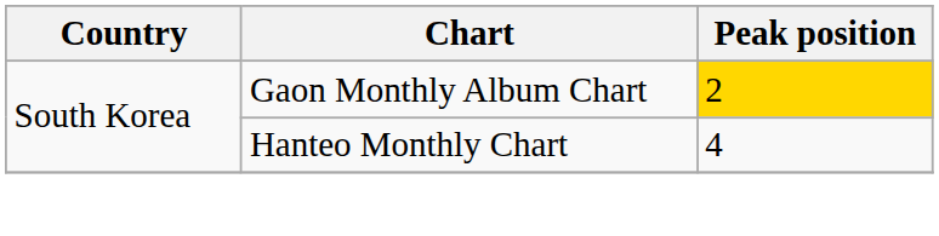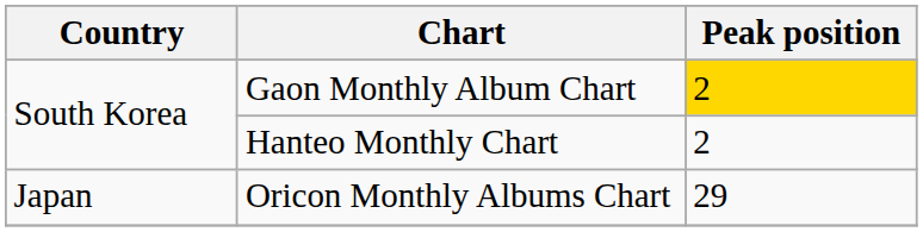 <table class="wikitable" style="align:center" style="text-align:center">
 <tr>
 <th width="100">Country</th>
 <th width="200">Chart</th>
 <th width="100">Peak position</th>
 </tr>
 <tr>
 <td rowspan="2">South Korea</td>
 <td>Gaon Monthly Album Chart</td>
 <td style="background: gold;">2</td>
 </tr>
 <tr>
 <td>Hanteo Monthly Chart</td>
-<td>4</td>
+<td>2</td>
+</tr>
+<tr>
+<td>Japan</td>
+<td>Oricon Monthly Albums Chart</td>
+<td>29</td>
 </tr>
 <tr>
 </tr>
 </table>
